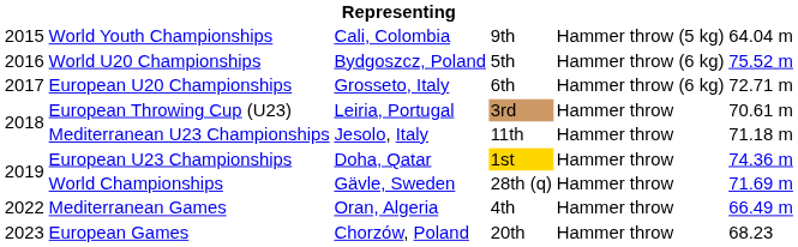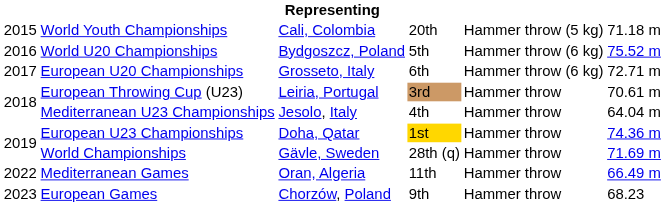 <table>
 <tr>
 <th colspan="6">Representing </th>
 </tr>
 <tr>
 <td>2015</td>
 <td><a href='#'>World Youth Championships</a></td>
 <td><a href='#'>Cali, Colombia</a></td>
-<td>9th</td>
+<td>20th</td>
 <td>Hammer throw (5 kg)</td>
-<td>64.04 m</td>
+<td>71.18 m</td>
 </tr>
 <tr>
 <td>2016</td>
 <td><a href='#'>World U20 Championships</a></td>
 <td><a href='#'>Bydgoszcz, Poland</a></td>
 <td>5th</td>
 <td>Hammer throw (6 kg)</td>
 <td><a href='#'>75.52 m</a></td>
 </tr>
 <tr>
 <td>2017</td>
 <td><a href='#'>European U20 Championships</a></td>
 <td><a href='#'>Grosseto, Italy</a></td>
 <td>6th</td>
 <td>Hammer throw (6 kg)</td>
 <td>72.71 m</td>
 </tr>
 <tr>
 <td rowspan=2>2018</td>
 <td><a href='#'>European Throwing Cup</a> (U23)</td>
 <td><a href='#'>Leiria, Portugal</a></td>
 <td bgcolor=cc9966>3rd</td>
 <td>Hammer throw</td>
 <td>70.61 m</td>
 </tr>
 <tr>
 <td><a href='#'>Mediterranean U23 Championships</a></td>
 <td><a href='#'>Jesolo</a>, <a href='#'>Italy</a></td>
-<td>11th</td>
+<td>4th</td>
 <td>Hammer throw</td>
-<td>71.18 m</td>
+<td>64.04 m</td>
 </tr>
 <tr>
 <td rowspan=2>2019</td>
 <td><a href='#'>European U23 Championships</a></td>
 <td><a href='#'>Doha, Qatar</a></td>
 <td bgcolor=gold>1st</td>
 <td>Hammer throw</td>
 <td><a href='#'>74.36 m</a></td>
 </tr>
 <tr>
 <td><a href='#'>World Championships</a></td>
 <td><a href='#'>Gävle, Sweden</a></td>
 <td>28th (q)</td>
 <td>Hammer throw</td>
 <td><a href='#'>71.69 m</a></td>
 </tr>
 <tr>
 <td>2022</td>
 <td><a href='#'>Mediterranean Games</a></td>
 <td><a href='#'>Oran, Algeria</a></td>
-<td>4th</td>
+<td>11th</td>
 <td>Hammer throw</td>
 <td><a href='#'>66.49 m</a></td>
 </tr>
 <tr>
 <td>2023</td>
 <td><a href='#'>European Games</a></td>
 <td><a href='#'>Chorzów</a>, <a href='#'>Poland</a></td>
-<td>20th</td>
+<td>9th</td>
 <td>Hammer throw</td>
 <td>68.23</td>
 </tr>
 </table>
